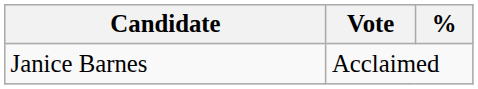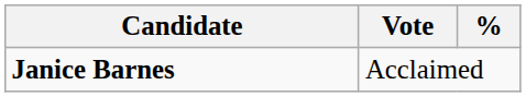 <table class="wikitable">
 <tr>
 <th bgcolor="#DDDDFF" width="200px">Candidate</th>
 <th bgcolor="#DDDDFF" width="50px">Vote</th>
 <th bgcolor="#DDDDFF" width="30px">%</th>
 </tr>
 <tr>
-<td>Janice Barnes</td>
+<td><strong>Janice Barnes</strong></td>
 <td colspan="2">Acclaimed</td>
 </tr>
 </table>
